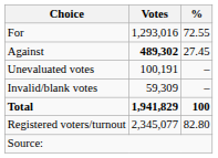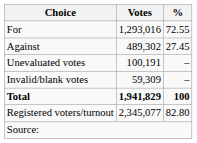 <table class=wikitable style=text-align:right>
 <tr>
 <th>Choice</th>
 <th>Votes</th>
 <th>%</th>
 </tr>
 <tr>
 <td align=left>For</td>
 <td>1,293,016</td>
 <td>72.55</td>
 </tr>
 <tr>
 <td align=left>Against</td>
-<td><strong>489,302</strong></td>
+<td>489,302</td>
 <td>27.45</td>
 </tr>
 <tr>
 <td align=left>Unevaluated votes</td>
 <td>100,191</td>
 <td>–</td>
 </tr>
 <tr>
 <td align=left>Invalid/blank votes</td>
 <td>59,309</td>
 <td>–</td>
 </tr>
 <tr>
 <td align=left><strong>Total</strong></td>
 <td><strong>1,941,829</strong></td>
 <td><strong>100</strong></td>
 </tr>
 <tr>
 <td align=left>Registered voters/turnout</td>
 <td>2,345,077</td>
 <td>82.80</td>
 </tr>
 <tr>
 <td align=left colspan=3>Source: </td>
 </tr>
 </table>
